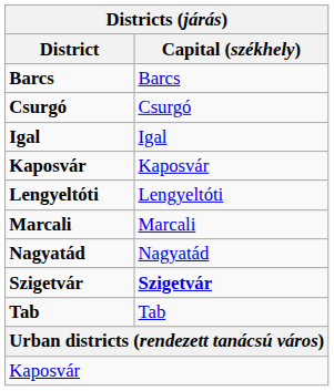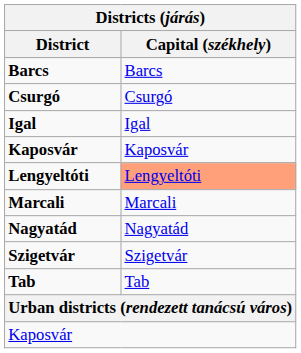 <table class="wikitable">
 <tr>
 <th colspan=2>Districts (<em>járás</em>)</th>
 </tr>
 <tr>
 <th>District</th>
 <th>Capital (<em>székhely</em>)</th>
 </tr>
 <tr>
 <td><strong>Barcs</strong></td>
 <td><a href='#'>Barcs</a></td>
 </tr>
 <tr>
 <td><strong>Csurgó</strong></td>
 <td><a href='#'>Csurgó</a></td>
 </tr>
 <tr>
 <td><strong>Igal</strong></td>
 <td><a href='#'>Igal</a></td>
 </tr>
 <tr>
 <td><strong>Kaposvár</strong></td>
 <td><a href='#'>Kaposvár</a></td>
 </tr>
 <tr>
 <td><strong>Lengyeltóti</strong></td>
-<td><a href='#'>Lengyeltóti</a></td>
+<td style="background: lightsalmon;"><a href='#'>Lengyeltóti</a></td>
 </tr>
 <tr>
 <td><strong>Marcali</strong></td>
 <td><a href='#'>Marcali</a></td>
 </tr>
 <tr>
 <td><strong>Nagyatád</strong></td>
 <td><a href='#'>Nagyatád</a></td>
 </tr>
 <tr>
 <td><strong>Szigetvár</strong></td>
-<td><strong><a href='#'>Szigetvár</a></strong></td>
+<td><a href='#'>Szigetvár</a></td>
 </tr>
 <tr>
 <td><strong>Tab</strong></td>
 <td><a href='#'>Tab</a></td>
 </tr>
 <tr>
 <th colspan=2>Urban districts (<em>rendezett tanácsú város</em>)</th>
 </tr>
 <tr>
 <td colspan=2><a href='#'>Kaposvár</a></td>
 </tr>
 </table>
